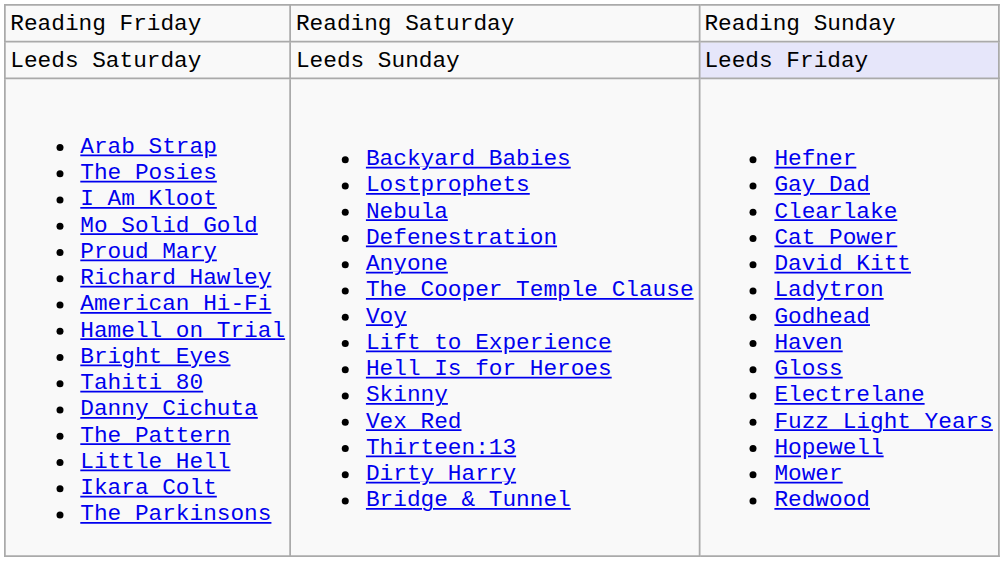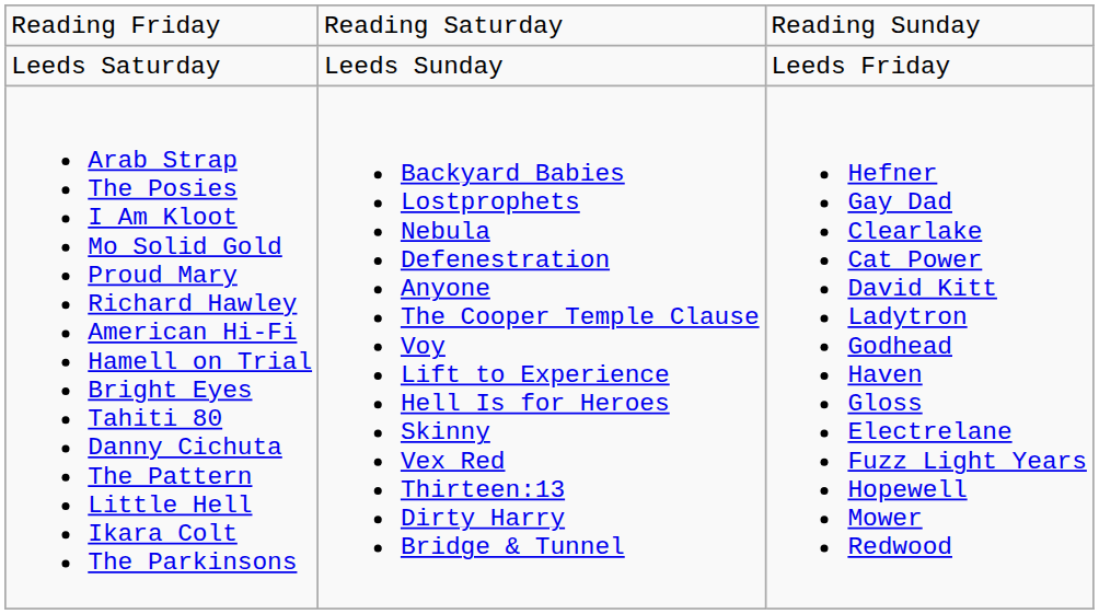 <table class="wikitable">
 <tr>
 <td>Reading Friday</td>
 <td>Reading Saturday</td>
 <td>Reading Sunday</td>
 </tr>
 <tr>
 <td>Leeds Saturday</td>
 <td>Leeds Sunday</td>
-<td style="background: lavender;">Leeds Friday</td>
+<td>Leeds Friday</td>
 </tr>
 <tr>
 <td><br><ul><li><a href='#'>Arab Strap</a></li><li><a href='#'>The Posies</a></li><li><a href='#'>I Am Kloot</a></li><li><a href='#'>Mo Solid Gold</a></li><li><a href='#'>Proud Mary</a></li><li><a href='#'>Richard Hawley</a></li><li><a href='#'>American Hi-Fi</a></li><li><a href='#'>Hamell on Trial</a></li><li><a href='#'>Bright Eyes</a></li><li><a href='#'>Tahiti 80</a></li><li><a href='#'>Danny Cichuta</a></li><li><a href='#'>The Pattern</a></li><li><a href='#'>Little Hell</a></li><li><a href='#'>Ikara Colt</a></li><li><a href='#'>The Parkinsons</a></li></ul></td>
 <td><br><ul><li><a href='#'>Backyard Babies</a></li><li><a href='#'>Lostprophets</a></li><li><a href='#'>Nebula</a></li><li><a href='#'>Defenestration</a></li><li><a href='#'>Anyone</a></li><li><a href='#'>The Cooper Temple Clause</a></li><li><a href='#'>Voy</a></li><li><a href='#'>Lift to Experience</a></li><li><a href='#'>Hell Is for Heroes</a></li><li><a href='#'>Skinny</a></li><li><a href='#'>Vex Red</a></li><li><a href='#'>Thirteen:13</a></li><li><a href='#'>Dirty Harry</a></li><li><a href='#'>Bridge & Tunnel</a></li></ul></td>
 <td><br><ul><li><a href='#'>Hefner</a></li><li><a href='#'>Gay Dad</a></li><li><a href='#'>Clearlake</a></li><li><a href='#'>Cat Power</a></li><li><a href='#'>David Kitt</a></li><li><a href='#'>Ladytron</a></li><li><a href='#'>Godhead</a></li><li><a href='#'>Haven</a></li><li><a href='#'>Gloss</a></li><li><a href='#'>Electrelane</a></li><li><a href='#'>Fuzz Light Years</a></li><li><a href='#'>Hopewell</a></li><li><a href='#'>Mower</a></li><li><a href='#'>Redwood</a></li></ul></td>
 </tr>
 </table>
